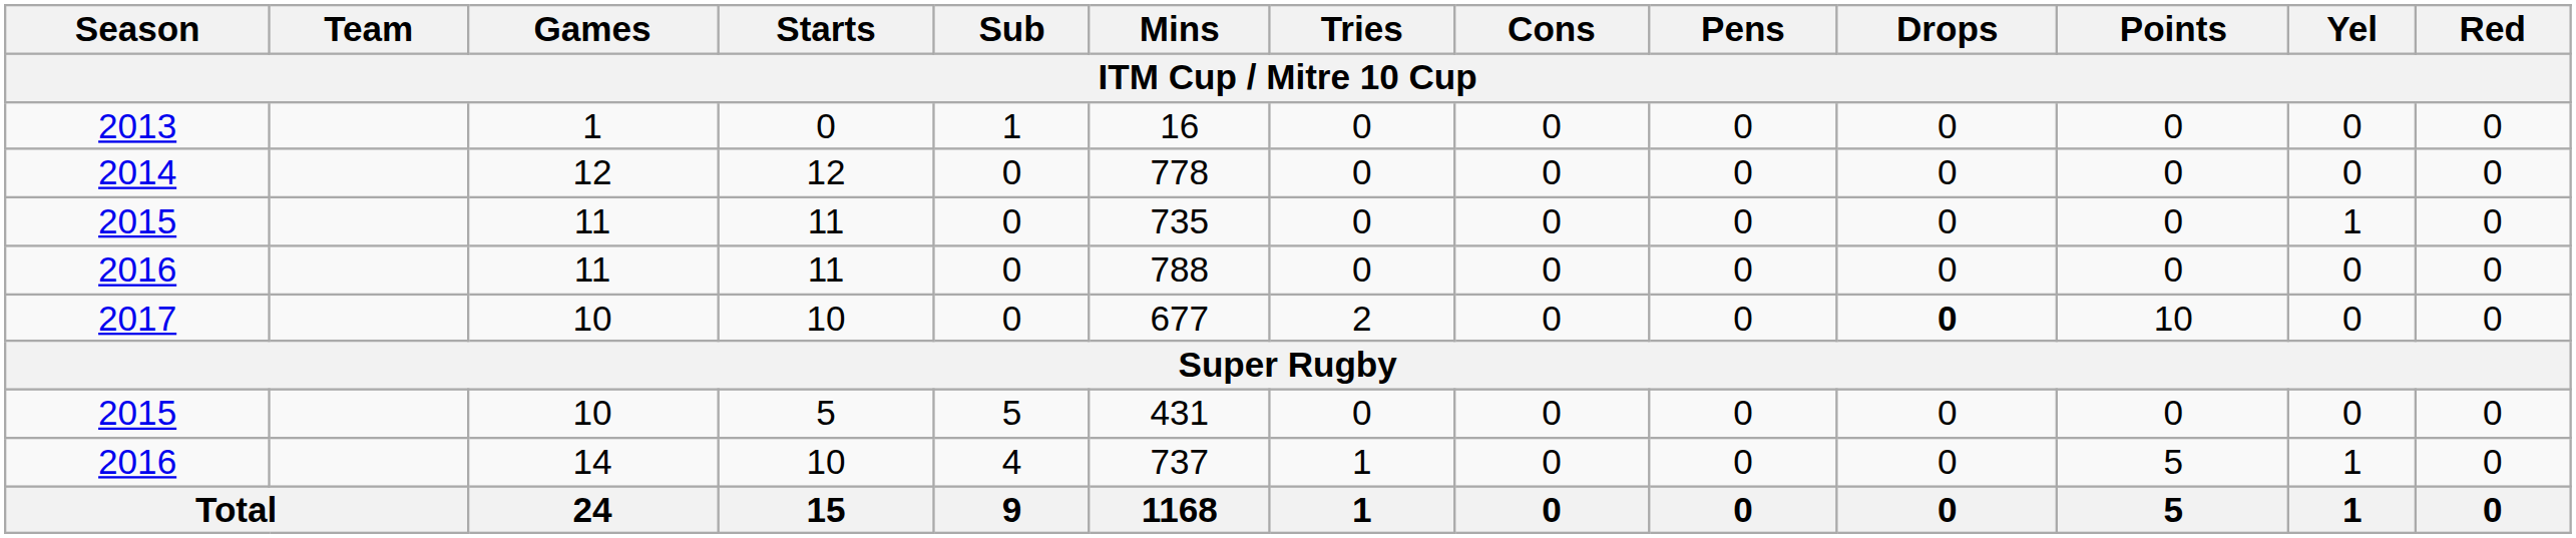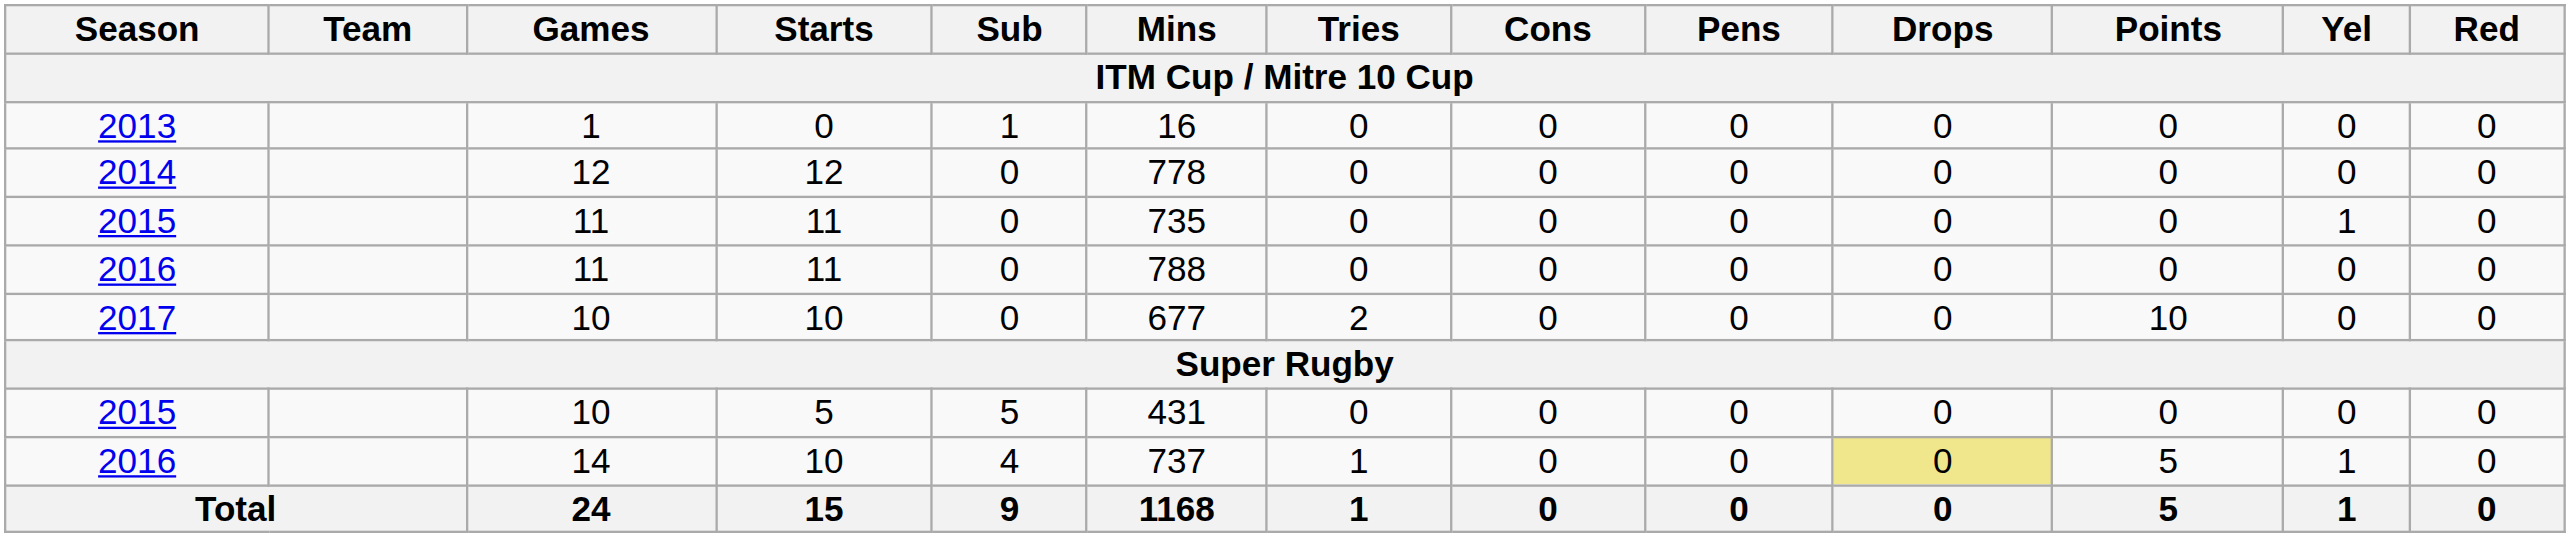 <table class="wikitable" style="text-align:center; line-height:90%; font-size:95%; width:70%;">
 <tr>
 <th>Season</th>
 <th>Team</th>
 <th>Games</th>
 <th>Starts</th>
 <th>Sub</th>
 <th>Mins</th>
 <th>Tries</th>
 <th>Cons</th>
 <th>Pens</th>
 <th>Drops</th>
 <th>Points</th>
 <th>Yel</th>
 <th>Red</th>
 </tr>
 <tr>
 <th colspan="13">ITM Cup / Mitre 10 Cup</th>
 </tr>
 <tr>
 <td><a href='#'>2013</a></td>
 <td></td>
 <td>1</td>
 <td>0</td>
 <td>1</td>
 <td>16</td>
 <td>0</td>
 <td>0</td>
 <td>0</td>
 <td>0</td>
 <td>0</td>
 <td>0</td>
 <td>0</td>
 </tr>
 <tr>
 <td><a href='#'>2014</a></td>
 <td></td>
 <td>12</td>
 <td>12</td>
 <td>0</td>
 <td>778</td>
 <td>0</td>
 <td>0</td>
 <td>0</td>
 <td>0</td>
 <td>0</td>
 <td>0</td>
 <td>0</td>
 </tr>
 <tr>
 <td><a href='#'>2015</a></td>
 <td></td>
 <td>11</td>
 <td>11</td>
 <td>0</td>
 <td>735</td>
 <td>0</td>
 <td>0</td>
 <td>0</td>
 <td>0</td>
 <td>0</td>
 <td>1</td>
 <td>0</td>
 </tr>
 <tr>
 <td><a href='#'>2016</a></td>
 <td></td>
 <td>11</td>
 <td>11</td>
 <td>0</td>
 <td>788</td>
 <td>0</td>
 <td>0</td>
 <td>0</td>
 <td>0</td>
 <td>0</td>
 <td>0</td>
 <td>0</td>
 </tr>
 <tr>
 <td><a href='#'>2017</a></td>
 <td></td>
 <td>10</td>
 <td>10</td>
 <td>0</td>
 <td>677</td>
 <td>2</td>
 <td>0</td>
 <td>0</td>
-<td><strong>0</strong></td>
+<td>0</td>
 <td>10</td>
 <td>0</td>
 <td>0</td>
 </tr>
 <tr>
 <th colspan="13">Super Rugby</th>
 </tr>
 <tr>
 <td><a href='#'>2015</a></td>
 <td></td>
 <td>10</td>
 <td>5</td>
 <td>5</td>
 <td>431</td>
 <td>0</td>
 <td>0</td>
 <td>0</td>
 <td>0</td>
 <td>0</td>
 <td>0</td>
 <td>0</td>
 </tr>
 <tr>
 <td><a href='#'>2016</a></td>
 <td></td>
 <td>14</td>
 <td>10</td>
 <td>4</td>
 <td>737</td>
 <td>1</td>
 <td>0</td>
 <td>0</td>
-<td>0</td>
+<td style="background: khaki;">0</td>
 <td>5</td>
 <td>1</td>
 <td>0</td>
 </tr>
 <tr>
 <th colspan="2">Total</th>
 <th>24</th>
 <th>15</th>
 <th>9</th>
 <th>1168</th>
 <th>1</th>
 <th>0</th>
 <th>0</th>
 <th>0</th>
 <th>5</th>
 <th>1</th>
 <th>0</th>
 </tr>
 </table>
